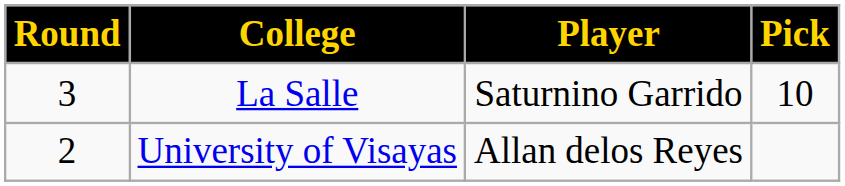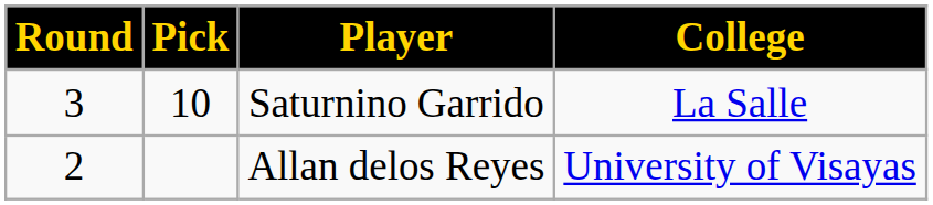 <table class="wikitable sortable sortable">
 <tr>
 <th style="background:#000000; color:#FFD500; ">Round</th>
+<th style="background:#000000; color:#FFD500; ">Pick</th>
+<th style="background:#000000; color:#FFD500; ">Player</th>
 <th style="background:#000000; color:#FFD500; ">College</th>
-<th style="background:#000000; color:#FFD500; ">Player</th>
-<th style="background:#000000; color:#FFD500; ">Pick</th>
 </tr>
 <tr style="text-align: center">
 <td align="center">3</td>
+<td align="center">10</td>
+<td>Saturnino Garrido</td>
 <td><a href='#'>La Salle</a></td>
-<td>Saturnino Garrido</td>
-<td align="center">10</td>
 </tr>
 <tr style="text-align: center">
 <td align="center">2</td>
+<td align="center"></td>
+<td>Allan delos Reyes</td>
 <td><a href='#'>University of Visayas</a></td>
-<td>Allan delos Reyes</td>
-<td align="center"></td>
 </tr>
 </table>
